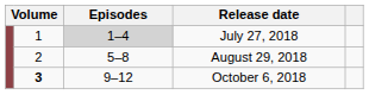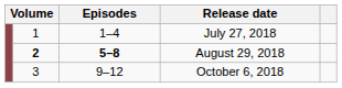 <table class="wikitable" style="text-align: center; width: 70%;">
 <tr>
 <th colspan="2" width="15%">Volume</th>
 <th>Episodes</th>
 <th>Release date</th>
 <th width="5%"></th>
 </tr>
 <tr>
 <td rowspan="4" width="1%" style="background: #8D4146"></td>
 <td>1</td>
-<td style="background: lightgrey;">1–4</td>
+<td>1–4</td>
 <td>July 27, 2018</td>
 <td></td>
 </tr>
 <tr>
-<td>2</td>
-<td>5–8</td>
+<td><strong>2</strong></td>
+<td><strong>5–8</strong></td>
 <td>August 29, 2018</td>
 <td></td>
 </tr>
 <tr>
-<td><strong>3</strong></td>
+<td>3</td>
 <td>9–12</td>
 <td>October 6, 2018</td>
 <td></td>
 </tr>
 </table>
